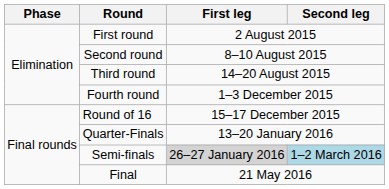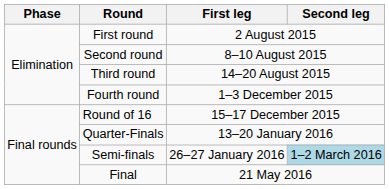 <table class="wikitable">
 <tr>
 <th>Phase</th>
 <th>Round</th>
 <th>First leg</th>
 <th>Second leg</th>
 </tr>
 <tr>
 <td rowspan="4" align="center">Elimination</td>
 <td align="center">First round</td>
 <td colspan="2" align="center">2 August 2015</td>
 </tr>
 <tr>
 <td align="center">Second round</td>
 <td colspan="2" align="center">8–10 August 2015</td>
 </tr>
 <tr>
 <td align="center">Third round</td>
 <td colspan="2" align="center">14–20 August 2015</td>
 </tr>
 <tr>
 <td align="center">Fourth round</td>
 <td colspan="2" align="center">1–3 December 2015</td>
 </tr>
 <tr>
 <td rowspan="4" align="center">Final rounds</td>
 <td>Round of 16</td>
 <td colspan="2" align="center">15–17 December 2015</td>
 </tr>
 <tr>
 <td>Quarter-Finals</td>
 <td colspan="2" align="center">13–20 January 2016</td>
 </tr>
 <tr>
 <td align="center">Semi-finals</td>
-<td align="center" style="background: lightgrey;">26–27 January 2016</td>
+<td align="center">26–27 January 2016</td>
 <td align="center" style="background: lightblue;">1–2 March 2016</td>
 </tr>
 <tr>
 <td align="center">Final</td>
 <td colspan="2" align="center">21 May 2016</td>
 </tr>
 </table>
